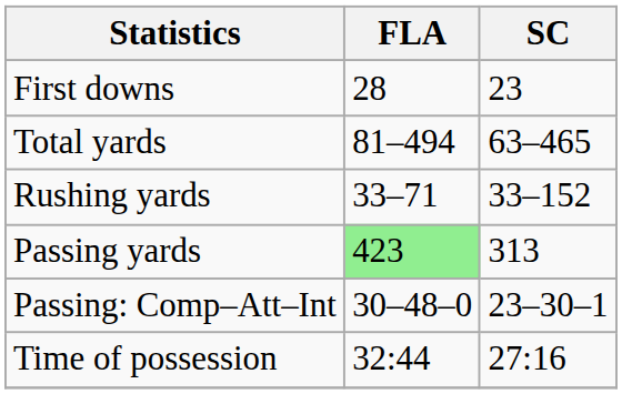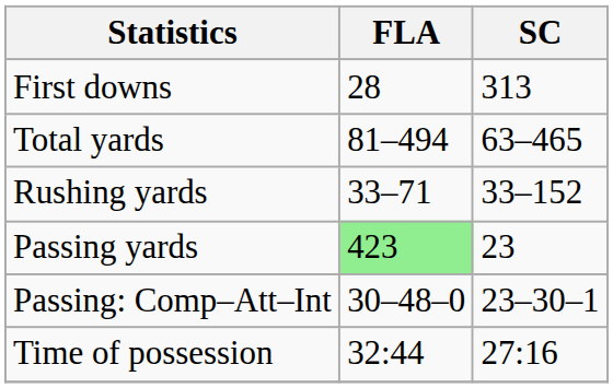 <table class="wikitable" style="float: left;">
 <tr>
 <th>Statistics</th>
 <th>FLA</th>
 <th>SC</th>
 </tr>
 <tr>
 <td>First downs</td>
 <td>28</td>
-<td>23</td>
+<td>313</td>
 </tr>
 <tr>
 <td>Total yards</td>
 <td>81–494</td>
 <td>63–465</td>
 </tr>
 <tr>
 <td>Rushing yards</td>
 <td>33–71</td>
 <td>33–152</td>
 </tr>
 <tr>
 <td>Passing yards</td>
 <td style="background: lightgreen;">423</td>
-<td>313</td>
+<td>23</td>
 </tr>
 <tr>
 <td>Passing: Comp–Att–Int</td>
 <td>30–48–0</td>
 <td>23–30–1</td>
 </tr>
 <tr>
 <td>Time of possession</td>
 <td>32:44</td>
 <td>27:16</td>
 </tr>
 <tr>
 </tr>
 </table>
